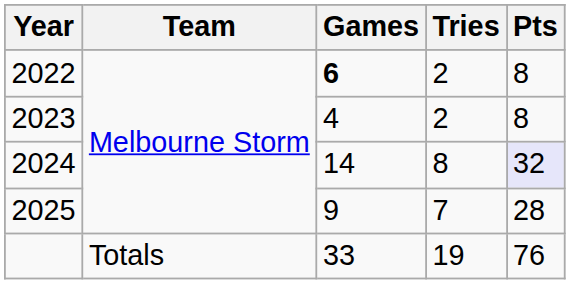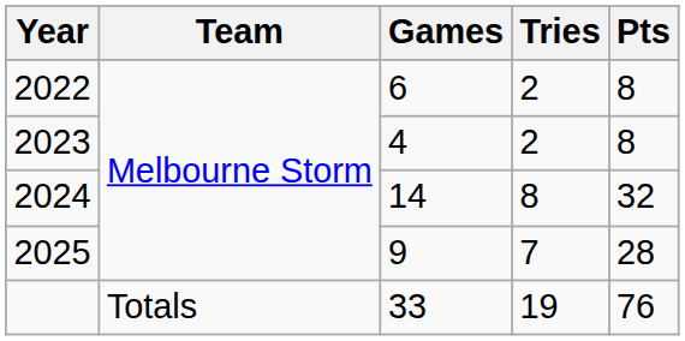 <table class="wikitable">
 <tr>
 <th>Year</th>
 <th>Team</th>
 <th>Games</th>
 <th>Tries</th>
 <th>Pts</th>
 </tr>
 <tr>
 <td>2022</td>
 <td rowspan="4"> <a href='#'>Melbourne Storm</a></td>
-<td><strong>6</strong></td>
+<td>6</td>
 <td>2</td>
 <td>8</td>
 </tr>
 <tr>
 <td>2023</td>
 <td>4</td>
 <td>2</td>
 <td>8</td>
 </tr>
 <tr>
 <td>2024</td>
 <td>14</td>
 <td>8</td>
-<td style="background: lavender;">32</td>
+<td>32</td>
 </tr>
 <tr>
 <td>2025</td>
 <td>9</td>
 <td>7</td>
 <td>28</td>
 </tr>
 <tr>
 <td></td>
 <td>Totals</td>
 <td>33</td>
 <td>19</td>
 <td>76</td>
 </tr>
 </table>
